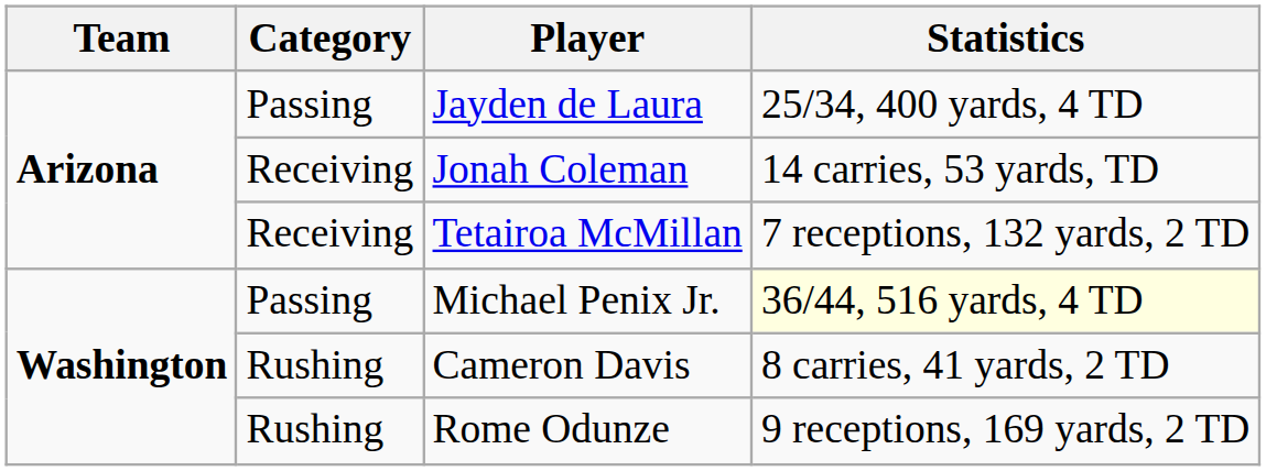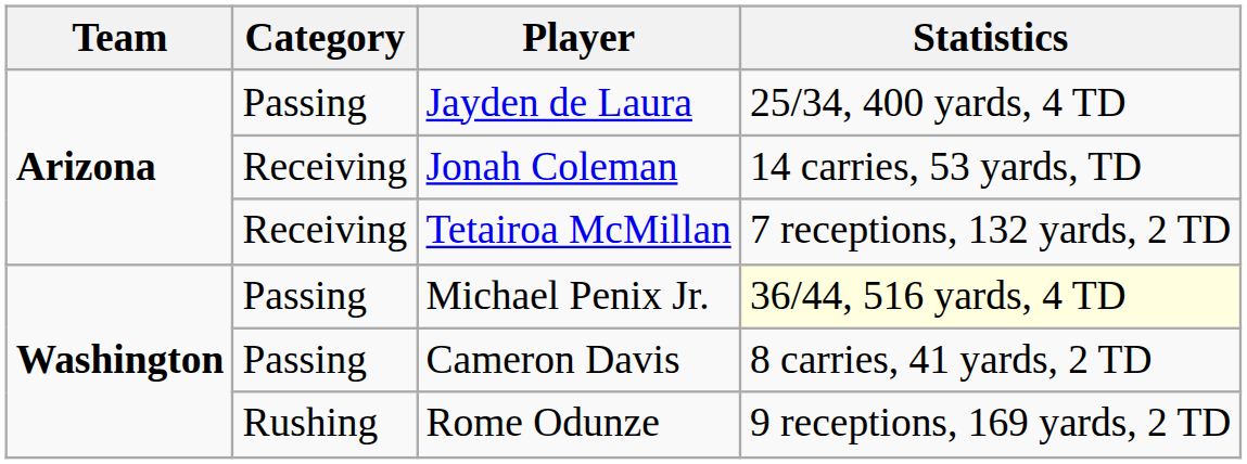 <table class="wikitable" style="float: right;">
 <tr>
 <th>Team</th>
 <th>Category</th>
 <th>Player</th>
 <th>Statistics</th>
 </tr>
 <tr>
 <td rowspan=3><strong>Arizona</strong></td>
 <td>Passing</td>
 <td><a href='#'>Jayden de Laura</a></td>
 <td>25/34, 400 yards, 4 TD</td>
 </tr>
 <tr>
 <td>Receiving</td>
 <td><a href='#'>Jonah Coleman</a></td>
 <td>14 carries, 53 yards, TD</td>
 </tr>
 <tr>
 <td>Receiving</td>
 <td><a href='#'>Tetairoa McMillan</a></td>
 <td>7 receptions, 132 yards, 2 TD</td>
 </tr>
 <tr>
 <td rowspan=3><strong>Washington</strong></td>
 <td>Passing</td>
 <td>Michael Penix Jr.</td>
 <td style="background: lightyellow;">36/44, 516 yards, 4 TD</td>
 </tr>
 <tr>
-<td>Rushing</td>
+<td>Passing</td>
 <td>Cameron Davis</td>
 <td>8 carries, 41 yards, 2 TD</td>
 </tr>
 <tr>
 <td>Rushing</td>
 <td>Rome Odunze</td>
 <td>9 receptions, 169 yards, 2 TD</td>
 </tr>
 </table>
